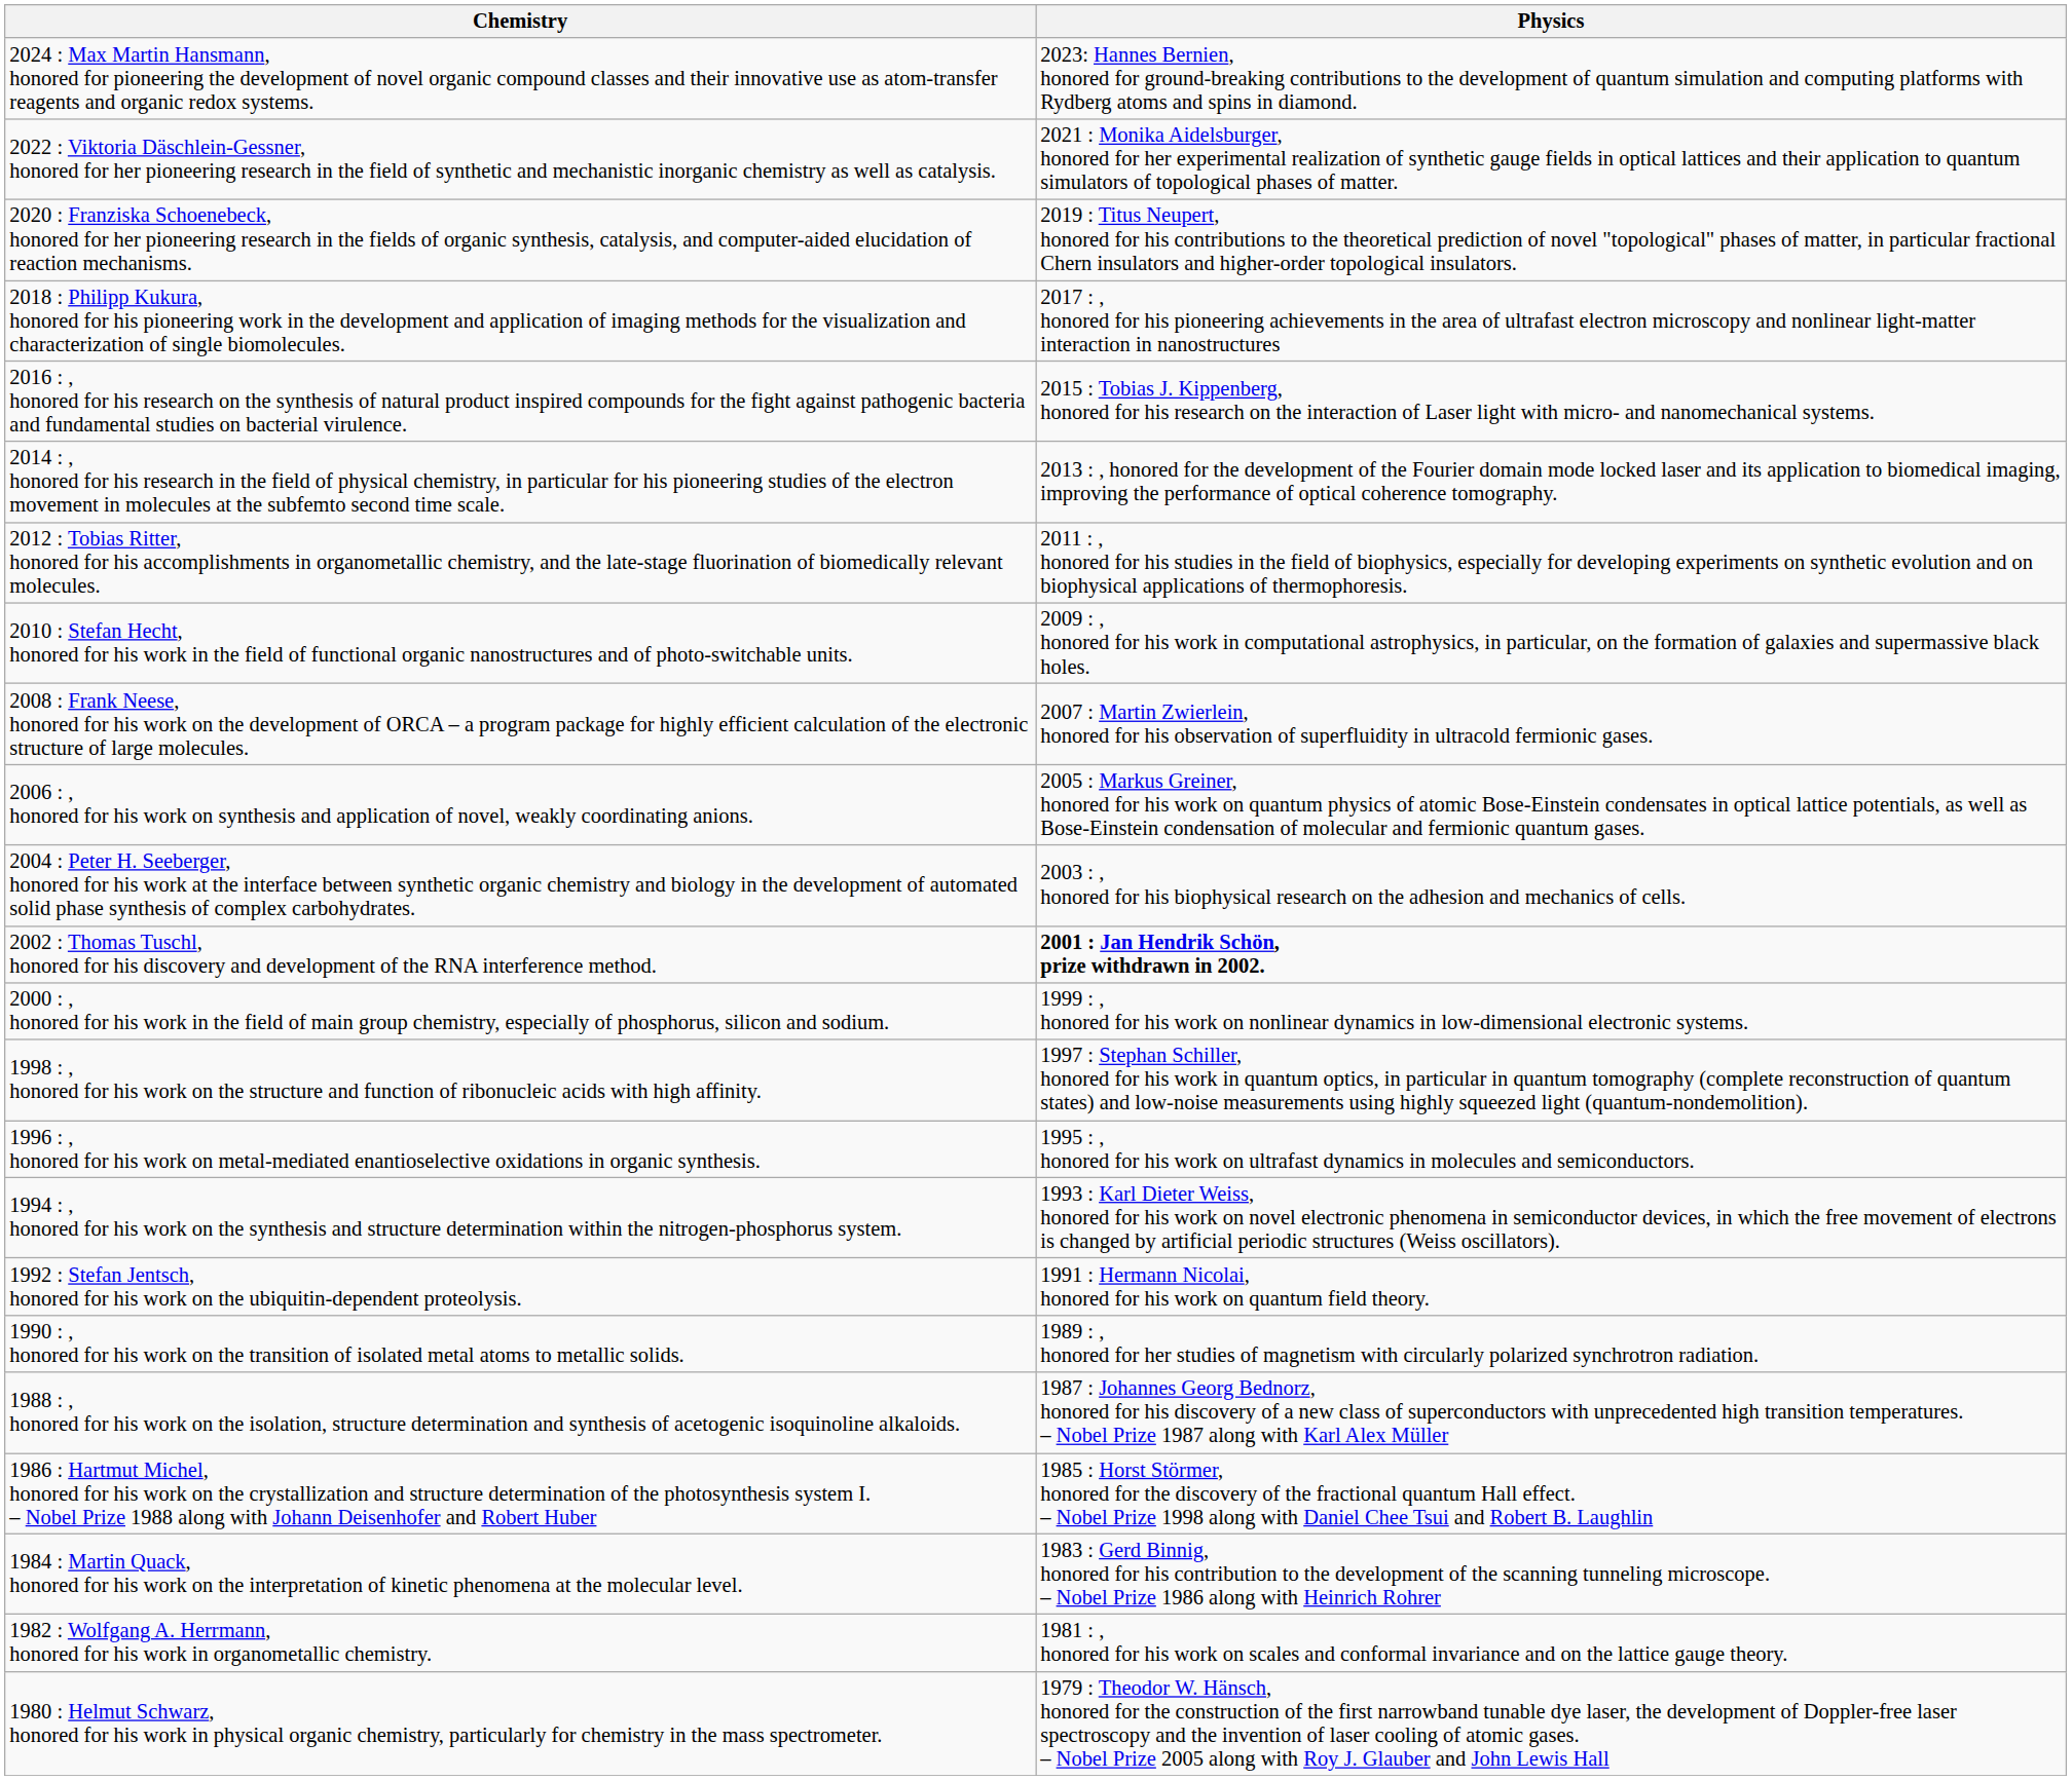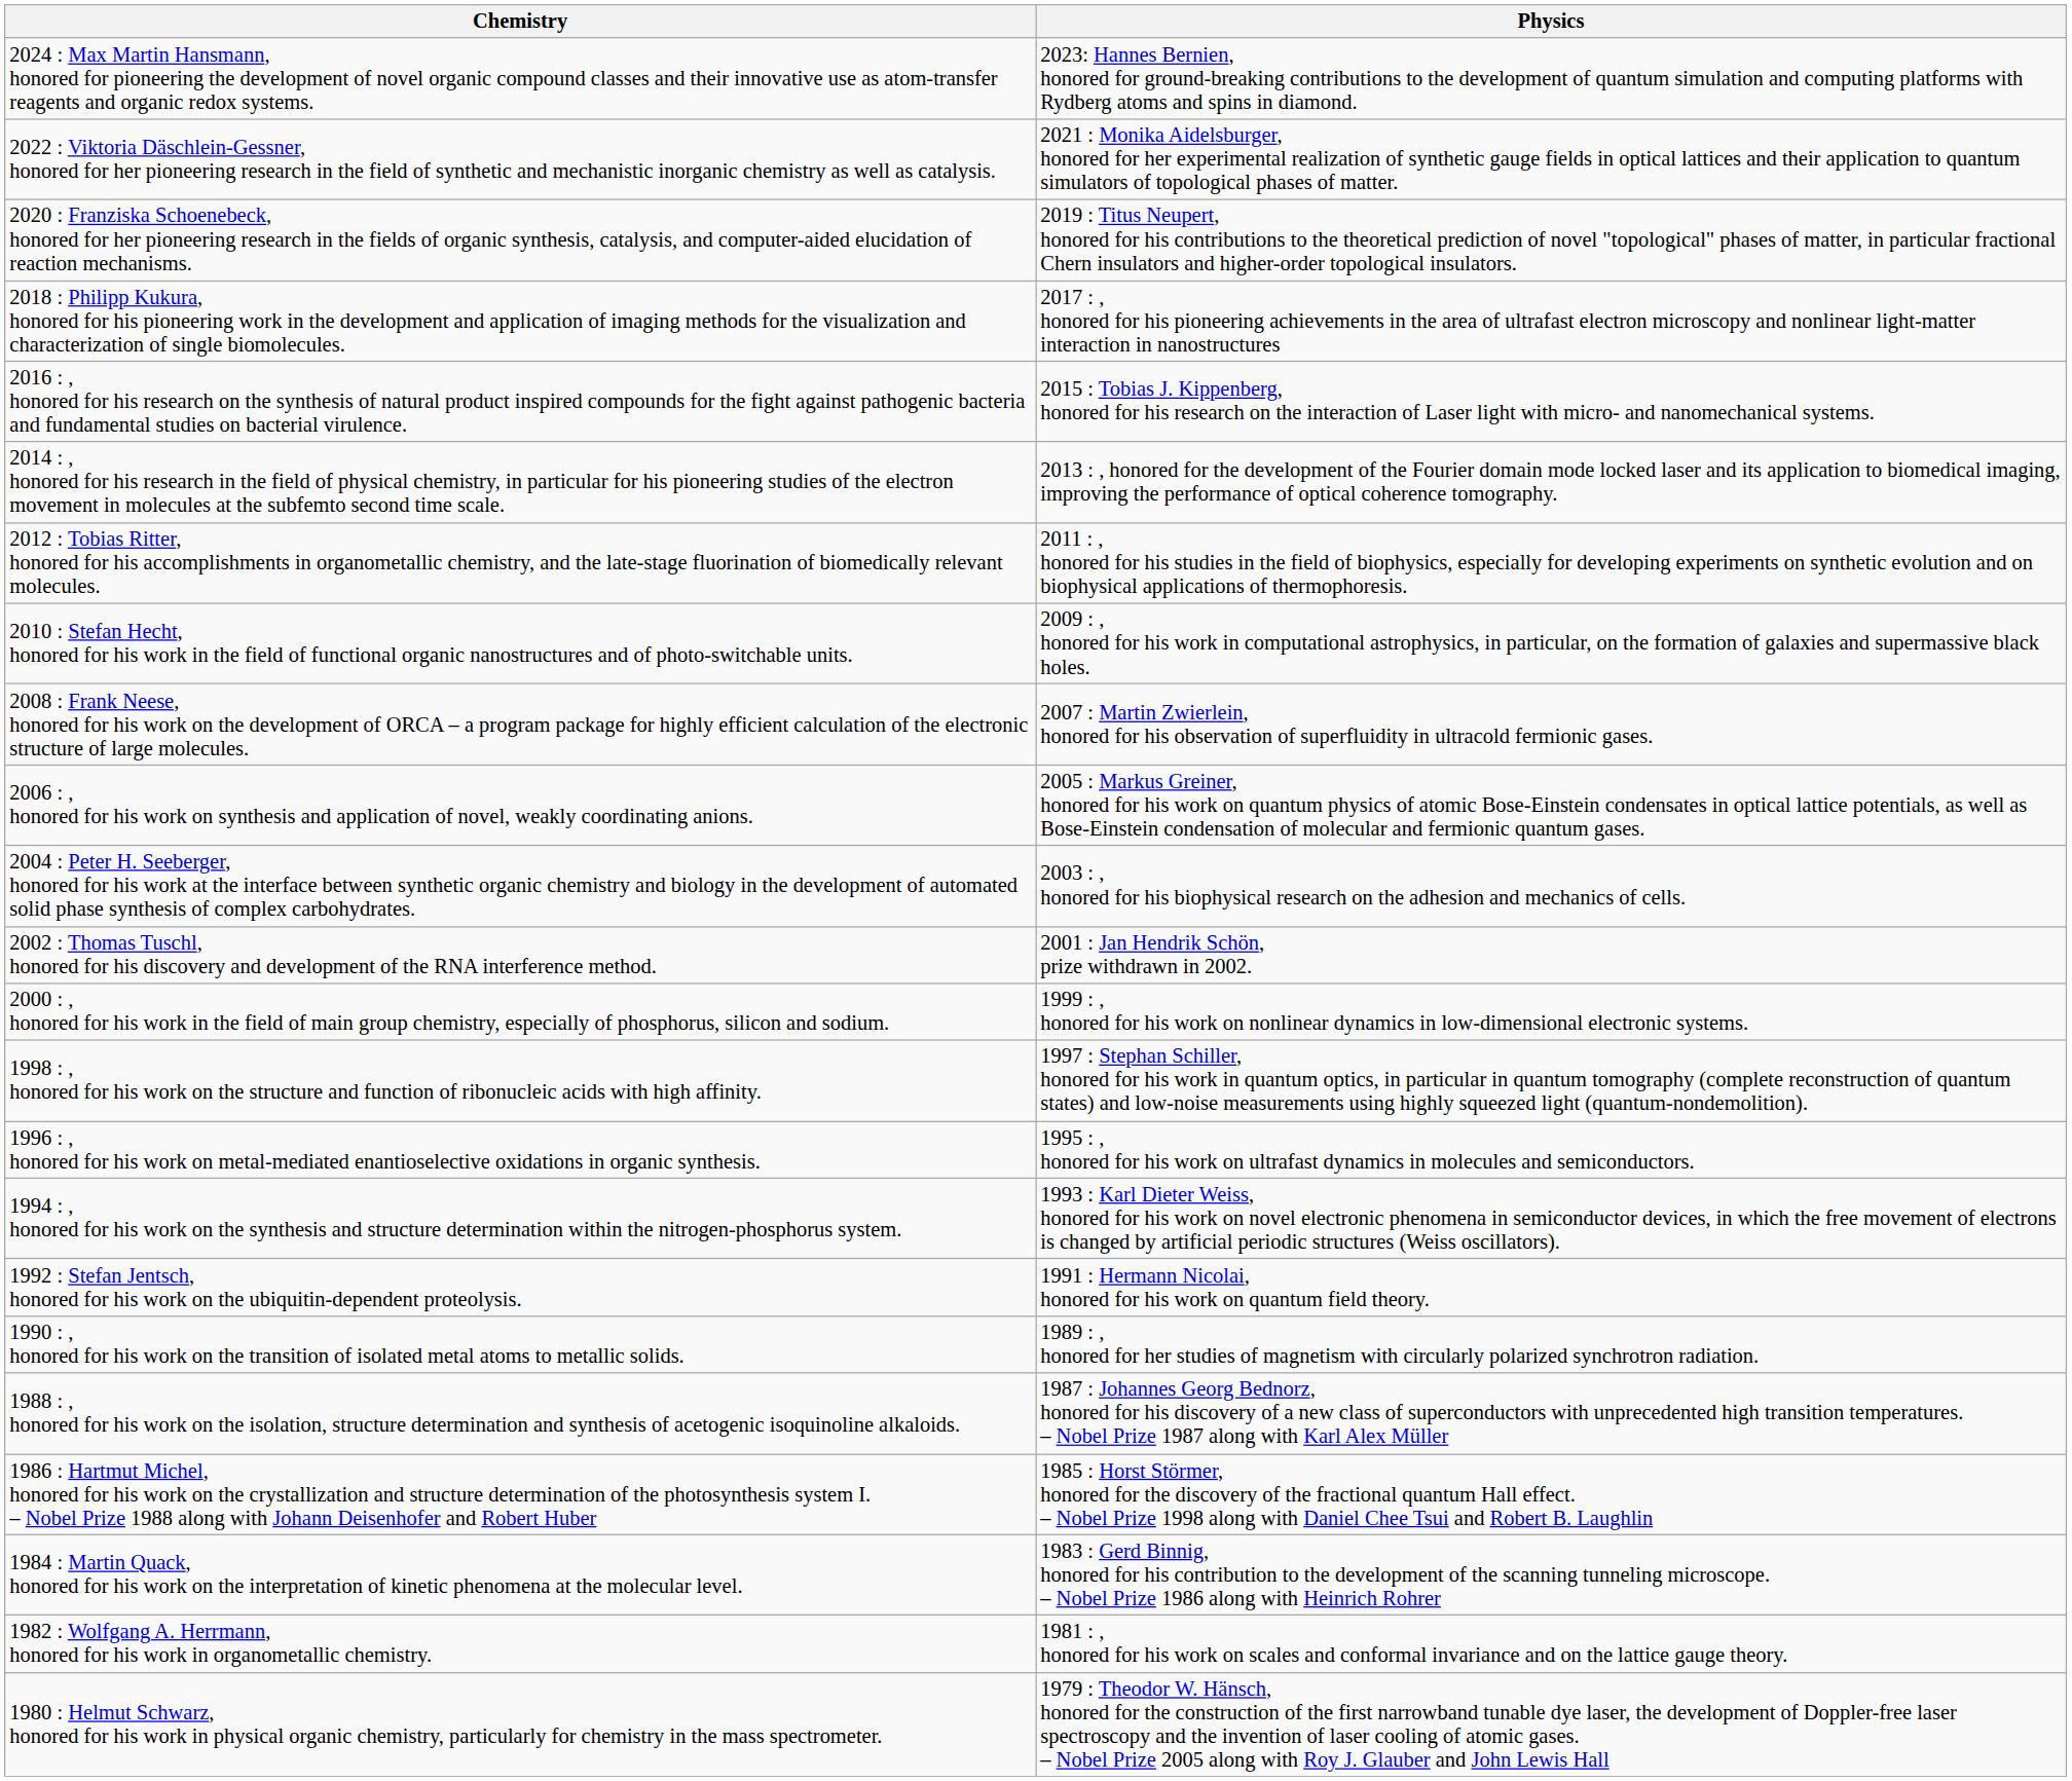 <table class="wikitable">
 <tr>
 <th style="width:50%;">Chemistry</th>
 <th style="width:50%;">Physics</th>
 </tr>
 <tr>
 <td>2024 : <a href='#'>Max Martin Hansmann</a>,<br>honored for pioneering the development of novel organic compound classes and their innovative use as atom-transfer reagents and organic redox systems.</td>
 <td>2023:  <a href='#'>Hannes Bernien</a>,<br>honored for ground-breaking contributions to the development of quantum simulation and computing platforms with Rydberg atoms and spins in diamond.</td>
 </tr>
 <tr>
 <td>2022 : <a href='#'>Viktoria Däschlein-Gessner</a>,<br>honored for her pioneering research in the field of synthetic and mechanistic inorganic chemistry as well as catalysis.</td>
 <td>2021 : <a href='#'>Monika Aidelsburger</a>,<br>honored for her experimental realization of synthetic gauge fields in optical lattices and their application to quantum simulators of topological phases of matter.</td>
 </tr>
 <tr>
 <td>2020 : <a href='#'>Franziska Schoenebeck</a>,<br>honored for her pioneering research in the fields of organic synthesis, catalysis, and computer-aided elucidation of reaction mechanisms.</td>
 <td>2019 : <a href='#'>Titus Neupert</a>,<br>honored for his contributions to the theoretical prediction of novel "topological" phases of matter, in particular fractional Chern insulators and higher-order topological insulators.</td>
 </tr>
 <tr>
 <td>2018 : <a href='#'>Philipp Kukura</a>,<br>honored for his pioneering work in the development and application of imaging methods for the visualization and characterization of single biomolecules.</td>
 <td>2017 : ,<br>honored for his pioneering achievements in the area of ultrafast electron microscopy and nonlinear light-matter interaction in nanostructures</td>
 </tr>
 <tr>
 <td>2016 : ,<br>honored for his research on the synthesis of natural product inspired compounds for the fight against pathogenic bacteria and fundamental studies on bacterial virulence.</td>
 <td>2015 : <a href='#'>Tobias J. Kippenberg</a>,<br>honored for his research on the interaction of Laser light with micro- and nanomechanical systems.</td>
 </tr>
 <tr>
 <td>2014 : ,<br>honored for his research in the field of physical chemistry, in particular for his pioneering studies of the electron movement in molecules at the subfemto second time scale.</td>
 <td>2013 : , honored for the development of the Fourier domain mode locked laser and its application to biomedical imaging, improving the performance of optical coherence tomography.</td>
 </tr>
 <tr>
 <td>2012 :  <a href='#'>Tobias Ritter</a>,<br>honored for his accomplishments in organometallic chemistry, and the late-stage fluorination of biomedically relevant molecules.</td>
 <td>2011 : ,<br>honored for his studies in the field of biophysics, especially for developing experiments on synthetic evolution and on biophysical applications of thermophoresis.</td>
 </tr>
 <tr>
 <td>2010 : <a href='#'>Stefan Hecht</a>,<br>honored for his work in the field of functional organic nanostructures and of photo-switchable units.</td>
 <td>2009 : ,<br>honored for his work in computational astrophysics, in particular, on the formation of galaxies and supermassive black holes.</td>
 </tr>
 <tr>
 <td>2008 : <a href='#'>Frank Neese</a>,<br>honored for his work on the development of ORCA – a program package for highly efficient calculation of the electronic structure of large molecules.</td>
 <td>2007 : <a href='#'>Martin Zwierlein</a>,<br>honored for his observation of superfluidity in ultracold fermionic gases.</td>
 </tr>
 <tr>
 <td>2006 : ,<br>honored for his work on synthesis and application of novel, weakly coordinating anions.</td>
 <td>2005 : <a href='#'>Markus Greiner</a>,<br>honored for his work on quantum physics of atomic Bose-Einstein condensates in optical lattice potentials, as well as Bose-Einstein condensation of molecular and fermionic quantum gases.</td>
 </tr>
 <tr>
 <td>2004 : <a href='#'>Peter H. Seeberger</a>,<br>honored for his work at the interface between synthetic organic chemistry and biology in the development of automated solid phase synthesis of complex carbohydrates.</td>
 <td>2003 : ,<br>honored for his biophysical research on the adhesion and mechanics of cells.</td>
 </tr>
 <tr>
 <td>2002 : <a href='#'>Thomas Tuschl</a>,<br>honored for his discovery and development of the RNA interference method.</td>
-<td><strong>2001 : <a href='#'>Jan Hendrik Schön</a>,<br>prize withdrawn in 2002.</strong></td>
+<td>2001 : <a href='#'>Jan Hendrik Schön</a>,<br>prize withdrawn in 2002.</td>
 </tr>
 <tr>
 <td>2000 : ,<br>honored for his work in the field of main group chemistry, especially of phosphorus, silicon and sodium.</td>
 <td>1999 : ,<br>honored for his work on nonlinear dynamics in low-dimensional electronic systems.</td>
 </tr>
 <tr>
 <td>1998 : ,<br>honored for his work on the structure and function of ribonucleic acids with high affinity.</td>
 <td>1997 : <a href='#'>Stephan Schiller</a>,<br>honored for his work in quantum optics, in particular in quantum tomography (complete reconstruction of quantum states) and low-noise measurements using highly squeezed light (quantum-nondemolition).</td>
 </tr>
 <tr>
 <td>1996 : ,<br>honored for his work on metal-mediated enantioselective oxidations in organic synthesis.</td>
 <td>1995 : ,<br>honored for his work on ultrafast dynamics in molecules and semiconductors.</td>
 </tr>
 <tr>
 <td>1994 : ,<br>honored for his work on the synthesis and structure determination within the nitrogen-phosphorus system.</td>
 <td>1993 : <a href='#'>Karl Dieter Weiss</a>,<br>honored for his work on novel electronic phenomena in semiconductor devices, in which the free movement of electrons is changed by artificial periodic structures (Weiss oscillators).</td>
 </tr>
 <tr>
 <td>1992 : <a href='#'>Stefan Jentsch</a>,<br>honored for his work on the ubiquitin-dependent proteolysis.</td>
 <td>1991 : <a href='#'>Hermann Nicolai</a>,<br>honored for his work on quantum field theory.</td>
 </tr>
 <tr>
 <td>1990 : ,<br>honored for his work on the transition of isolated metal atoms to metallic solids.</td>
 <td>1989 : ,<br>honored for her studies of magnetism with circularly polarized synchrotron radiation.</td>
 </tr>
 <tr>
 <td>1988 : ,<br>honored for his work on the isolation, structure determination and synthesis of acetogenic isoquinoline alkaloids.</td>
 <td>1987 : <a href='#'>Johannes Georg Bednorz</a>,<br>honored for his discovery of a new class of superconductors with unprecedented high transition temperatures.<br>– <a href='#'>Nobel Prize</a> 1987 along with <a href='#'>Karl Alex Müller</a></td>
 </tr>
 <tr>
 <td>1986 : <a href='#'>Hartmut Michel</a>,<br>honored for his work on the crystallization and structure determination of the photosynthesis system I.<br>– <a href='#'>Nobel Prize</a> 1988 along with <a href='#'>Johann Deisenhofer</a> and <a href='#'>Robert Huber</a></td>
 <td>1985 : <a href='#'>Horst Störmer</a>,<br>honored for the discovery of the fractional quantum Hall effect.<br>– <a href='#'>Nobel Prize</a> 1998 along with <a href='#'>Daniel Chee Tsui</a> and <a href='#'>Robert B. Laughlin</a></td>
 </tr>
 <tr>
 <td>1984 : <a href='#'>Martin Quack</a>,<br>honored for his work on the interpretation of kinetic phenomena at the molecular level.</td>
 <td>1983 : <a href='#'>Gerd Binnig</a>,<br>honored for his contribution to the development of the scanning tunneling microscope.<br>– <a href='#'>Nobel Prize</a> 1986 along with <a href='#'>Heinrich Rohrer</a></td>
 </tr>
 <tr>
 <td>1982 : <a href='#'>Wolfgang A. Herrmann</a>,<br>honored for his work in organometallic chemistry.</td>
 <td>1981 : ,<br>honored for his work on scales and conformal invariance and on the lattice gauge theory.</td>
 </tr>
 <tr>
 <td>1980 : <a href='#'>Helmut Schwarz</a>,<br>honored for his work in physical organic chemistry, particularly for chemistry in the mass spectrometer.</td>
 <td>1979 : <a href='#'>Theodor W. Hänsch</a>,<br>honored for the construction of the first narrowband tunable dye laser, the development of Doppler-free laser spectroscopy and the invention of laser cooling of atomic gases.<br>– <a href='#'>Nobel Prize</a> 2005 along with <a href='#'>Roy J. Glauber</a> and <a href='#'>John Lewis Hall</a></td>
 </tr>
 </table>
